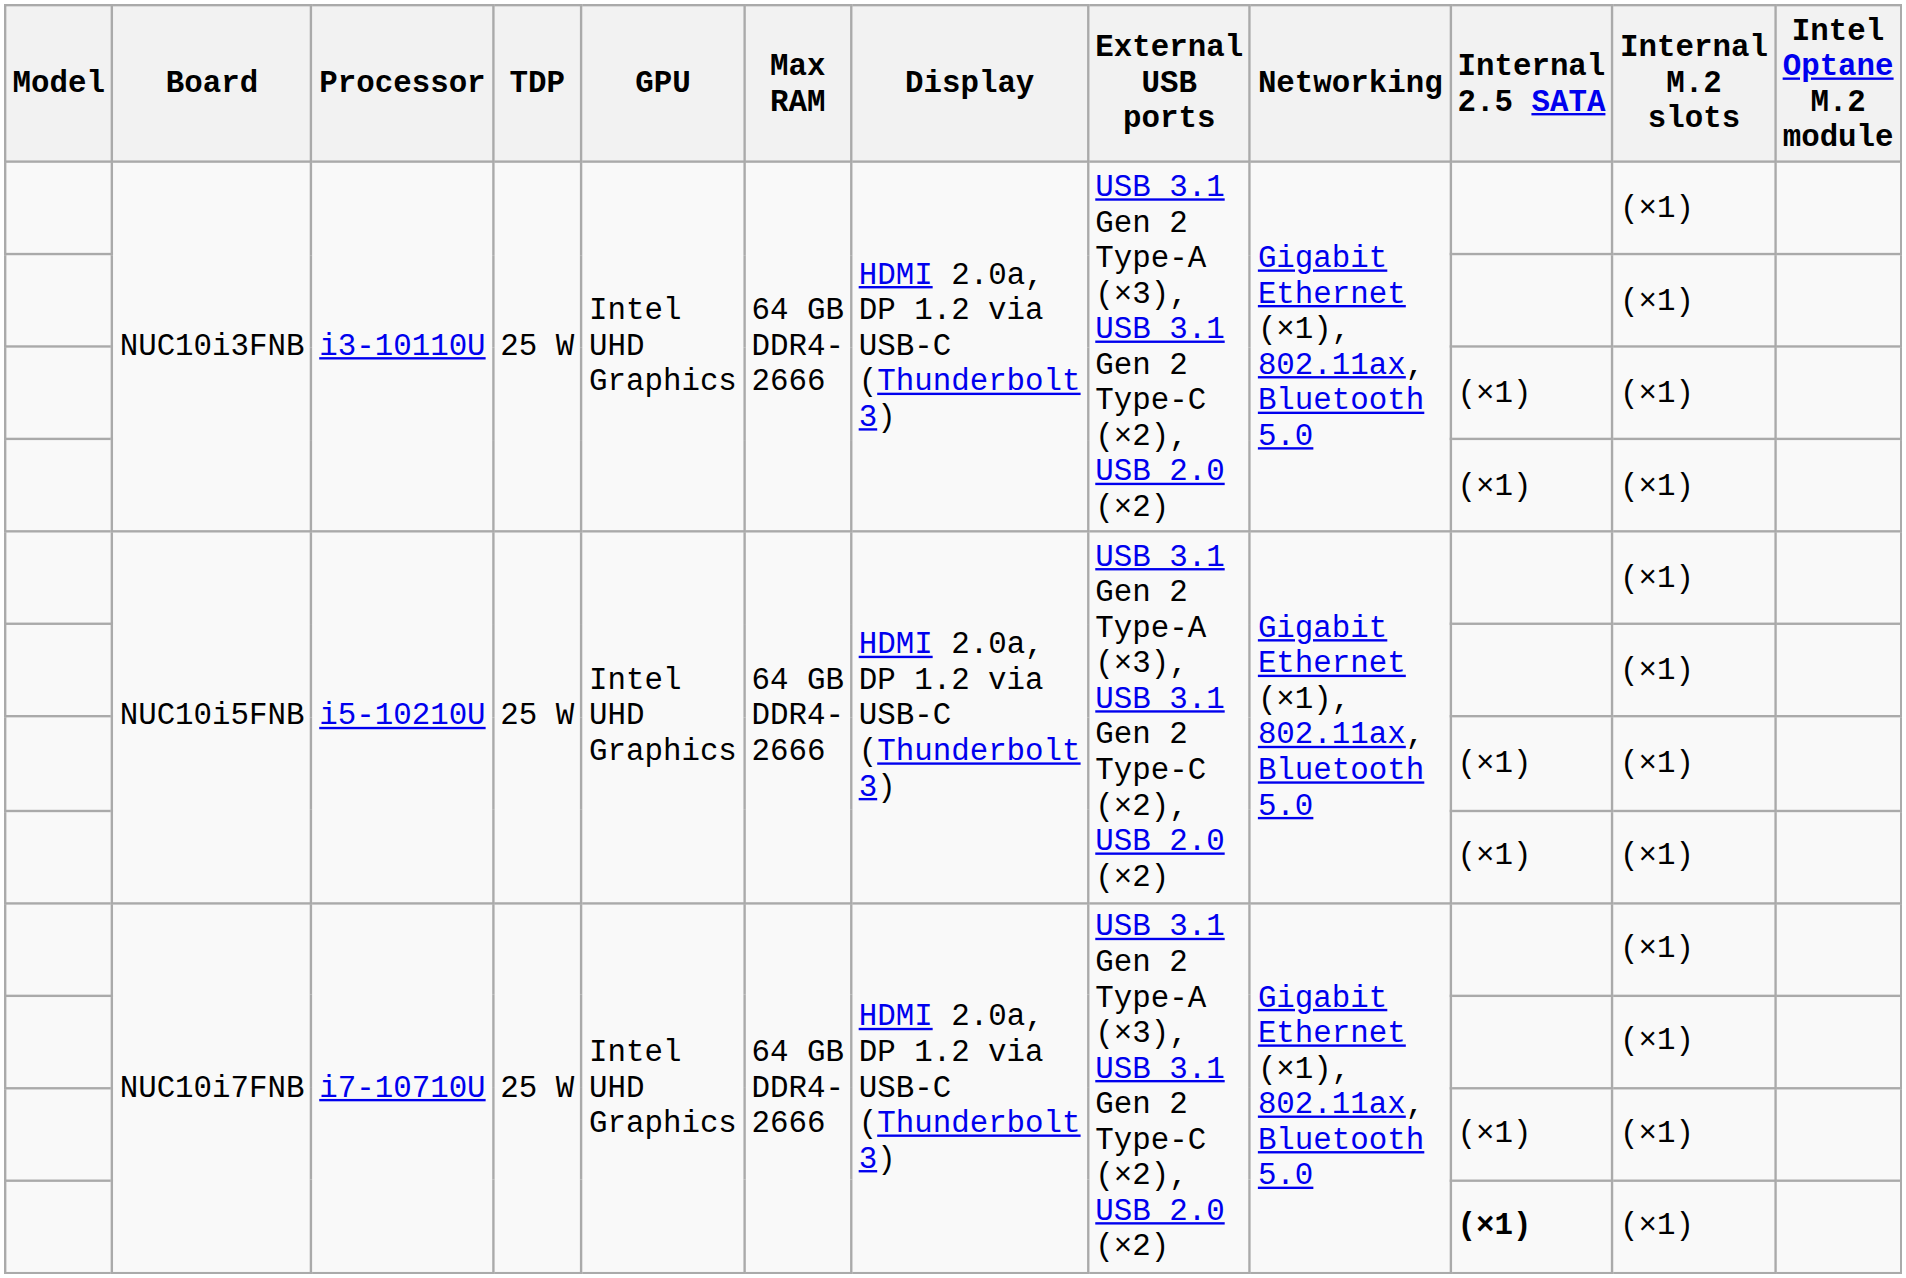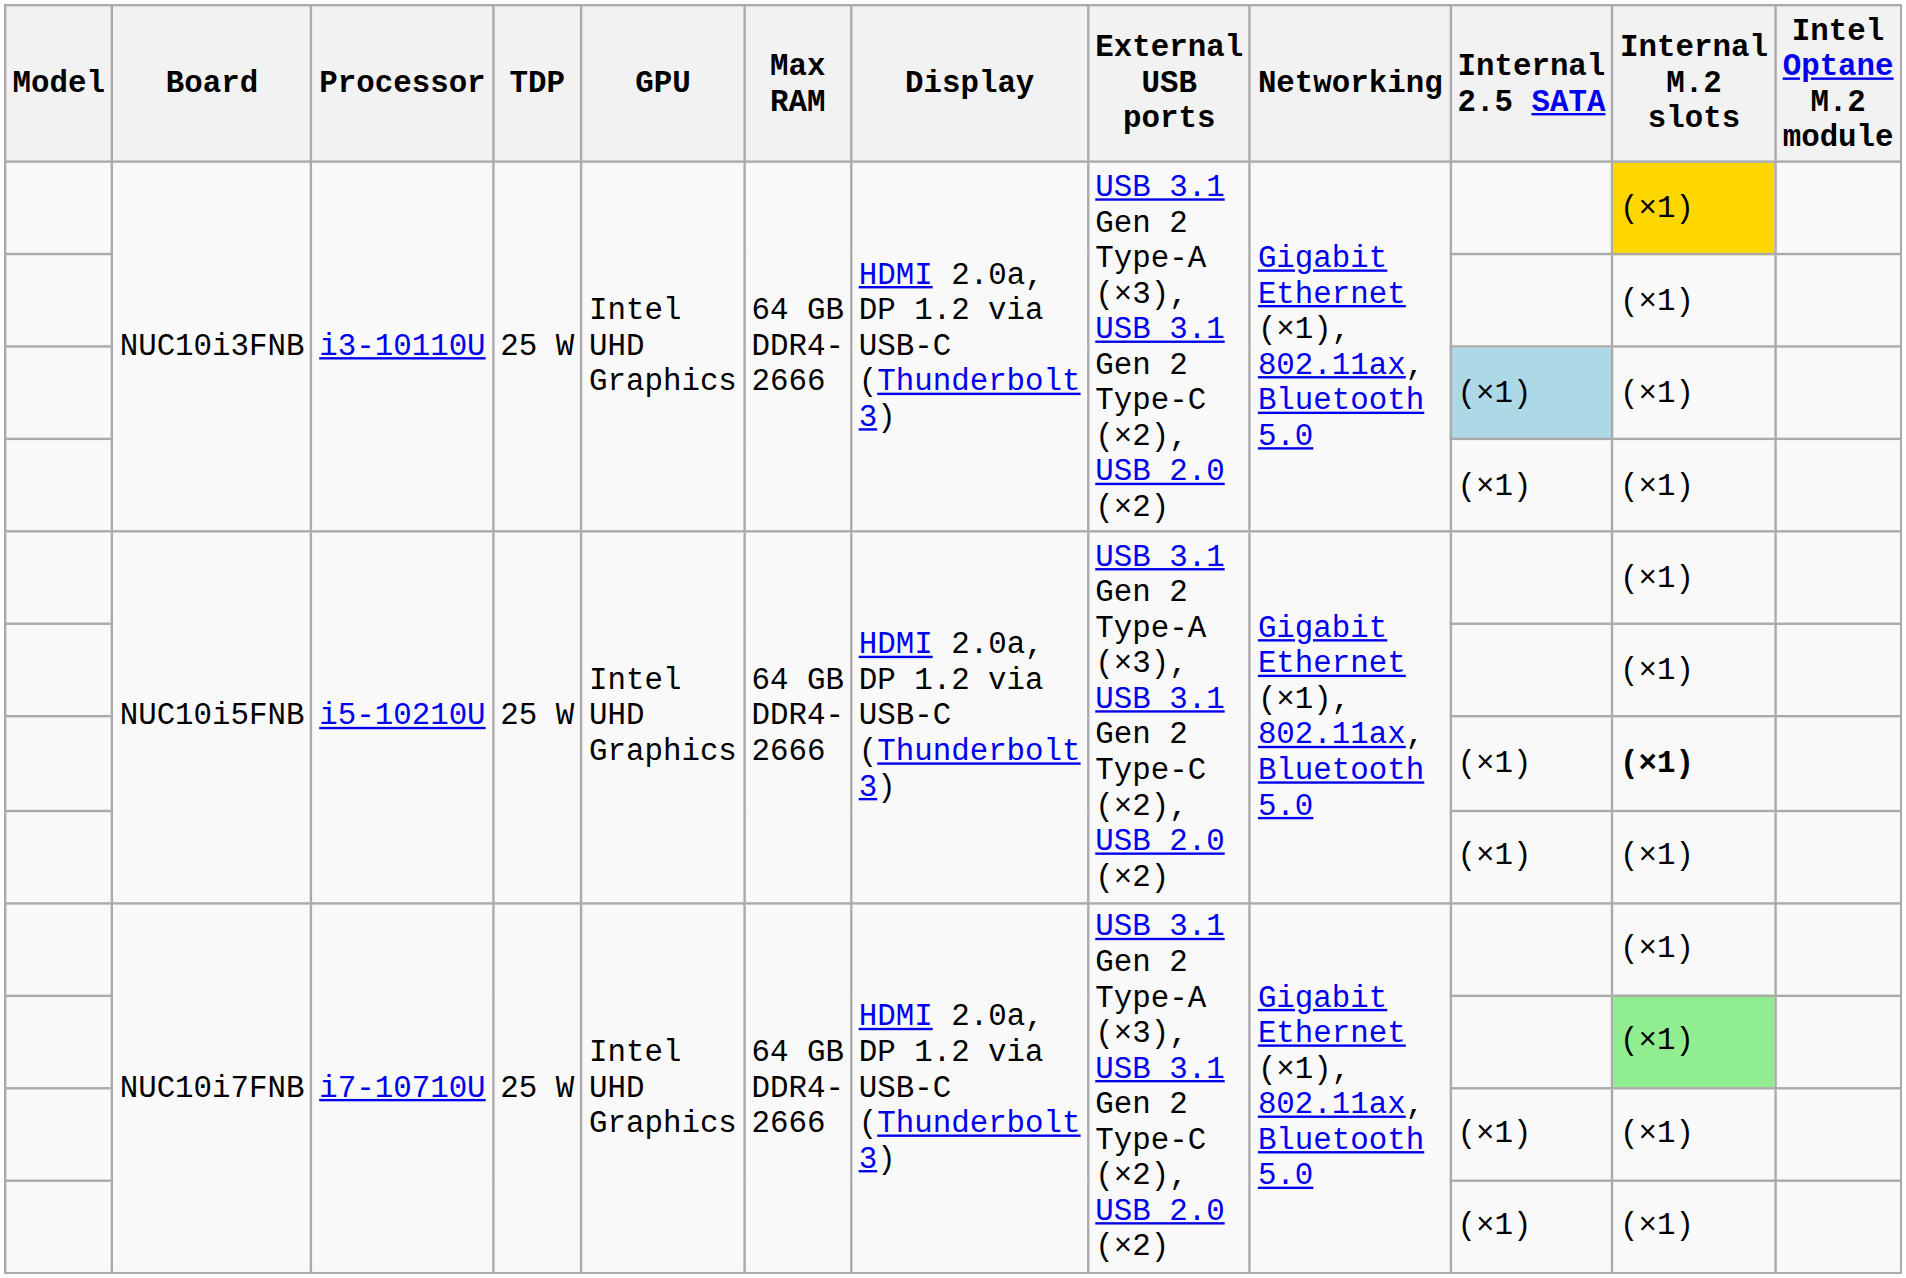 <table class="wikitable">
 <tr>
 <th>Model</th>
 <th>Board</th>
 <th>Processor</th>
 <th>TDP</th>
 <th>GPU</th>
 <th>Max RAM</th>
 <th>Display</th>
 <th>External USB ports</th>
 <th>Networking</th>
 <th>Internal 2.5 <a href='#'>SATA</a></th>
 <th>Internal M.2 slots</th>
 <th>Intel <a href='#'>Optane</a> M.2 module</th>
 </tr>
 <tr>
 <td></td>
 <td rowspan="4">NUC10i3FNB</td>
 <td rowspan="4"><a href='#'>i3-10110U</a></td>
 <td rowspan="4">25 W</td>
 <td rowspan="4">Intel UHD Graphics</td>
 <td rowspan="4">64 GB DDR4-2666</td>
 <td rowspan="4"><a href='#'>HDMI</a> 2.0a, DP 1.2 via USB-C (<a href='#'>Thunderbolt 3</a>)</td>
 <td rowspan="4"><a href='#'>USB 3.1</a> Gen 2 Type-A (×3), <a href='#'>USB 3.1</a> Gen 2 Type-C (×2), <a href='#'>USB 2.0</a> (×2)</td>
 <td rowspan="4"><a href='#'>Gigabit Ethernet</a> (×1), <a href='#'>802.11ax</a>, <a href='#'>Bluetooth 5.0</a></td>
 <td></td>
-<td> (×1)</td>
+<td style="background: gold;"> (×1)</td>
 <td></td>
 </tr>
 <tr>
 <td></td>
 <td></td>
 <td> (×1)</td>
 <td></td>
 </tr>
 <tr>
 <td></td>
-<td> (×1)</td>
+<td style="background: lightblue;"> (×1)</td>
 <td> (×1)</td>
 <td></td>
 </tr>
 <tr>
 <td></td>
 <td> (×1)</td>
 <td> (×1)</td>
 <td></td>
 </tr>
 <tr>
 <td></td>
 <td rowspan="4">NUC10i5FNB</td>
 <td rowspan="4"><a href='#'>i5-10210U</a></td>
 <td rowspan="4">25 W</td>
 <td rowspan="4">Intel UHD Graphics</td>
 <td rowspan="4">64 GB DDR4-2666</td>
 <td rowspan="4"><a href='#'>HDMI</a> 2.0a, DP 1.2 via USB-C (<a href='#'>Thunderbolt 3</a>)</td>
 <td rowspan="4"><a href='#'>USB 3.1</a> Gen 2 Type-A (×3), <a href='#'>USB 3.1</a> Gen 2 Type-C (×2), <a href='#'>USB 2.0</a> (×2)</td>
 <td rowspan="4"><a href='#'>Gigabit Ethernet</a> (×1), <a href='#'>802.11ax</a>, <a href='#'>Bluetooth 5.0</a></td>
 <td></td>
 <td> (×1)</td>
 <td></td>
 </tr>
 <tr>
 <td></td>
 <td></td>
 <td> (×1)</td>
 <td></td>
 </tr>
 <tr>
 <td></td>
 <td> (×1)</td>
-<td> (×1)</td>
+<td><strong> (×1)</strong></td>
 <td></td>
 </tr>
 <tr>
 <td></td>
 <td> (×1)</td>
 <td> (×1)</td>
 <td></td>
 </tr>
 <tr>
 <td></td>
 <td rowspan="4">NUC10i7FNB</td>
 <td rowspan="4"><a href='#'>i7-10710U</a></td>
 <td rowspan="4">25 W</td>
 <td rowspan="4">Intel UHD Graphics</td>
 <td rowspan="4">64 GB DDR4-2666</td>
 <td rowspan="4"><a href='#'>HDMI</a> 2.0a, DP 1.2 via USB-C (<a href='#'>Thunderbolt 3</a>)</td>
 <td rowspan="4"><a href='#'>USB 3.1</a> Gen 2 Type-A (×3), <a href='#'>USB 3.1</a> Gen 2 Type-C (×2), <a href='#'>USB 2.0</a> (×2)</td>
 <td rowspan="4"><a href='#'>Gigabit Ethernet</a> (×1), <a href='#'>802.11ax</a>, <a href='#'>Bluetooth 5.0</a></td>
 <td></td>
 <td> (×1)</td>
 <td></td>
 </tr>
 <tr>
 <td></td>
 <td></td>
-<td> (×1)</td>
+<td style="background: lightgreen;"> (×1)</td>
 <td></td>
 </tr>
 <tr>
 <td></td>
 <td> (×1)</td>
 <td> (×1)</td>
 <td></td>
 </tr>
 <tr>
 <td></td>
-<td><strong> (×1)</strong></td>
+<td> (×1)</td>
 <td> (×1)</td>
 <td></td>
 </tr>
 </table>
